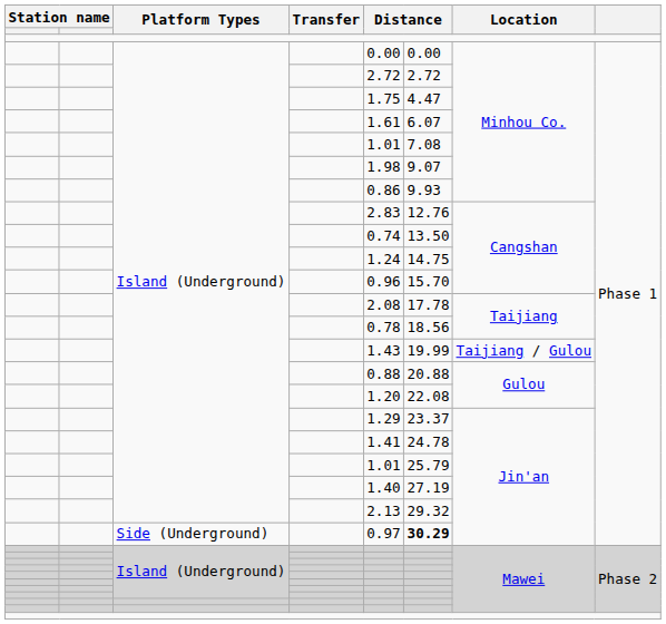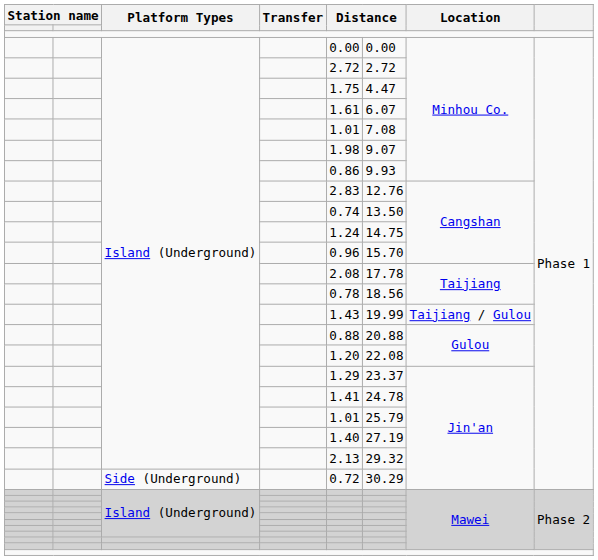 <table class="wikitable">
 <tr>
 <th colspan="2">Station name</th>
 <th rowspan="2">Platform Types</th>
 <th rowspan="2">Transfer</th>
 <th colspan="2" rowspan="2">Distance<br></th>
 <th rowspan="2">Location</th>
 <th rowspan="2"></th>
 </tr>
 <tr>
 <th></th>
 <th></th>
 </tr>
 <tr style="background:#">
 <td colspan="8"></td>
 </tr>
 <tr>
 <td></td>
 <td></td>
 <td rowspan="21"><a href='#'>Island</a> (Underground)</td>
 <td></td>
 <td>0.00</td>
 <td>0.00</td>
 <td rowspan="7" align=center><a href='#'>Minhou Co.</a></td>
 <td rowspan="22">Phase 1</td>
 </tr>
 <tr>
 <td></td>
 <td></td>
 <td></td>
 <td>2.72</td>
 <td>2.72</td>
 </tr>
 <tr>
 <td></td>
 <td></td>
 <td></td>
 <td>1.75</td>
 <td>4.47</td>
 </tr>
 <tr>
 <td></td>
 <td></td>
 <td></td>
 <td>1.61</td>
 <td>6.07</td>
 </tr>
 <tr>
 <td></td>
 <td></td>
 <td></td>
 <td>1.01</td>
 <td>7.08</td>
 </tr>
 <tr>
 <td></td>
 <td></td>
 <td></td>
 <td>1.98</td>
 <td>9.07</td>
 </tr>
 <tr>
 <td></td>
 <td></td>
 <td></td>
 <td>0.86</td>
 <td>9.93</td>
 </tr>
 <tr>
 <td></td>
 <td></td>
 <td></td>
 <td>2.83</td>
 <td>12.76</td>
 <td rowspan="4" align=center><a href='#'>Cangshan</a></td>
 </tr>
 <tr>
 <td></td>
 <td></td>
 <td></td>
 <td>0.74</td>
 <td>13.50</td>
 </tr>
 <tr>
 <td></td>
 <td></td>
 <td></td>
 <td>1.24</td>
 <td>14.75</td>
 </tr>
 <tr>
 <td></td>
 <td></td>
 <td></td>
 <td>0.96</td>
 <td>15.70</td>
 </tr>
 <tr>
 <td></td>
 <td></td>
 <td></td>
 <td>2.08</td>
 <td>17.78</td>
 <td rowspan="2" align=center><a href='#'>Taijiang</a></td>
 </tr>
 <tr>
 <td></td>
 <td></td>
 <td></td>
 <td>0.78</td>
 <td>18.56</td>
 </tr>
 <tr>
 <td></td>
 <td></td>
 <td></td>
 <td>1.43</td>
 <td>19.99</td>
 <td align=center><a href='#'>Taijiang</a> / <a href='#'>Gulou</a></td>
 </tr>
 <tr>
 <td></td>
 <td></td>
 <td></td>
 <td>0.88</td>
 <td>20.88</td>
 <td rowspan="2" align=center><a href='#'>Gulou</a></td>
 </tr>
 <tr>
 <td></td>
 <td></td>
 <td></td>
 <td>1.20</td>
 <td>22.08</td>
 </tr>
 <tr>
 <td></td>
 <td></td>
 <td></td>
 <td>1.29</td>
 <td>23.37</td>
 <td rowspan="6" align=center><a href='#'>Jin'an</a></td>
 </tr>
 <tr>
 <td></td>
 <td></td>
 <td></td>
 <td>1.41</td>
 <td>24.78</td>
 </tr>
 <tr>
 <td></td>
 <td></td>
 <td></td>
 <td>1.01</td>
 <td>25.79</td>
 </tr>
 <tr>
 <td></td>
 <td></td>
 <td></td>
 <td>1.40</td>
 <td>27.19</td>
 </tr>
 <tr>
 <td></td>
 <td></td>
 <td></td>
 <td>2.13</td>
 <td>29.32</td>
 </tr>
 <tr>
 <td></td>
 <td></td>
 <td><a href='#'>Side</a> (Underground)</td>
 <td></td>
-<td>0.97</td>
-<td><strong>30.29 </strong></td>
+<td>0.72</td>
+<td>30.29 </td>
 </tr>
 <tr bgcolor="lightgrey">
 <td></td>
 <td></td>
 <td rowspan="8"><a href='#'>Island</a> (Underground)</td>
 <td></td>
 <td></td>
 <td></td>
 <td rowspan="10" align=center><a href='#'>Mawei</a></td>
 <td rowspan="10">Phase 2</td>
 </tr>
 <tr bgcolor="lightgrey">
 <td></td>
 <td></td>
 <td></td>
 <td></td>
 <td></td>
 </tr>
 <tr bgcolor="lightgrey">
 <td></td>
 <td></td>
 <td></td>
 <td></td>
 <td></td>
 </tr>
 <tr bgcolor="lightgrey">
 <td></td>
 <td></td>
 <td></td>
 <td></td>
 <td></td>
 </tr>
 <tr bgcolor="lightgrey">
 <td></td>
 <td></td>
 <td></td>
 <td></td>
 <td></td>
 </tr>
 <tr bgcolor="lightgrey">
 <td></td>
 <td></td>
 <td></td>
 <td></td>
 <td></td>
 </tr>
 <tr bgcolor="lightgrey">
 <td></td>
 <td></td>
 <td></td>
 <td></td>
 <td></td>
 </tr>
 <tr bgcolor="lightgrey">
 <td></td>
 <td></td>
 <td></td>
 <td></td>
 <td></td>
 </tr>
 <tr bgcolor="lightgrey">
 <td></td>
 <td></td>
 <td></td>
 <td></td>
 <td></td>
 <td></td>
 </tr>
 <tr bgcolor="lightgrey">
 <td></td>
 <td></td>
 <td></td>
 <td></td>
 <td></td>
 <td></td>
 </tr>
 <tr style="background:#">
 <td colspan="8"></td>
 </tr>
 </table>
